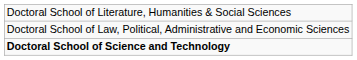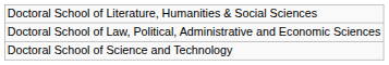 <table class="wikitable">
 <tr>
 <td>Doctoral School of Literature, Humanities & Social Sciences</td>
 </tr>
 <tr>
 <td>Doctoral School of Law, Political, Administrative and Economic Sciences</td>
 </tr>
 <tr>
-<td><strong>Doctoral School of Science and Technology</strong></td>
+<td>Doctoral School of Science and Technology</td>
 </tr>
 </table>
